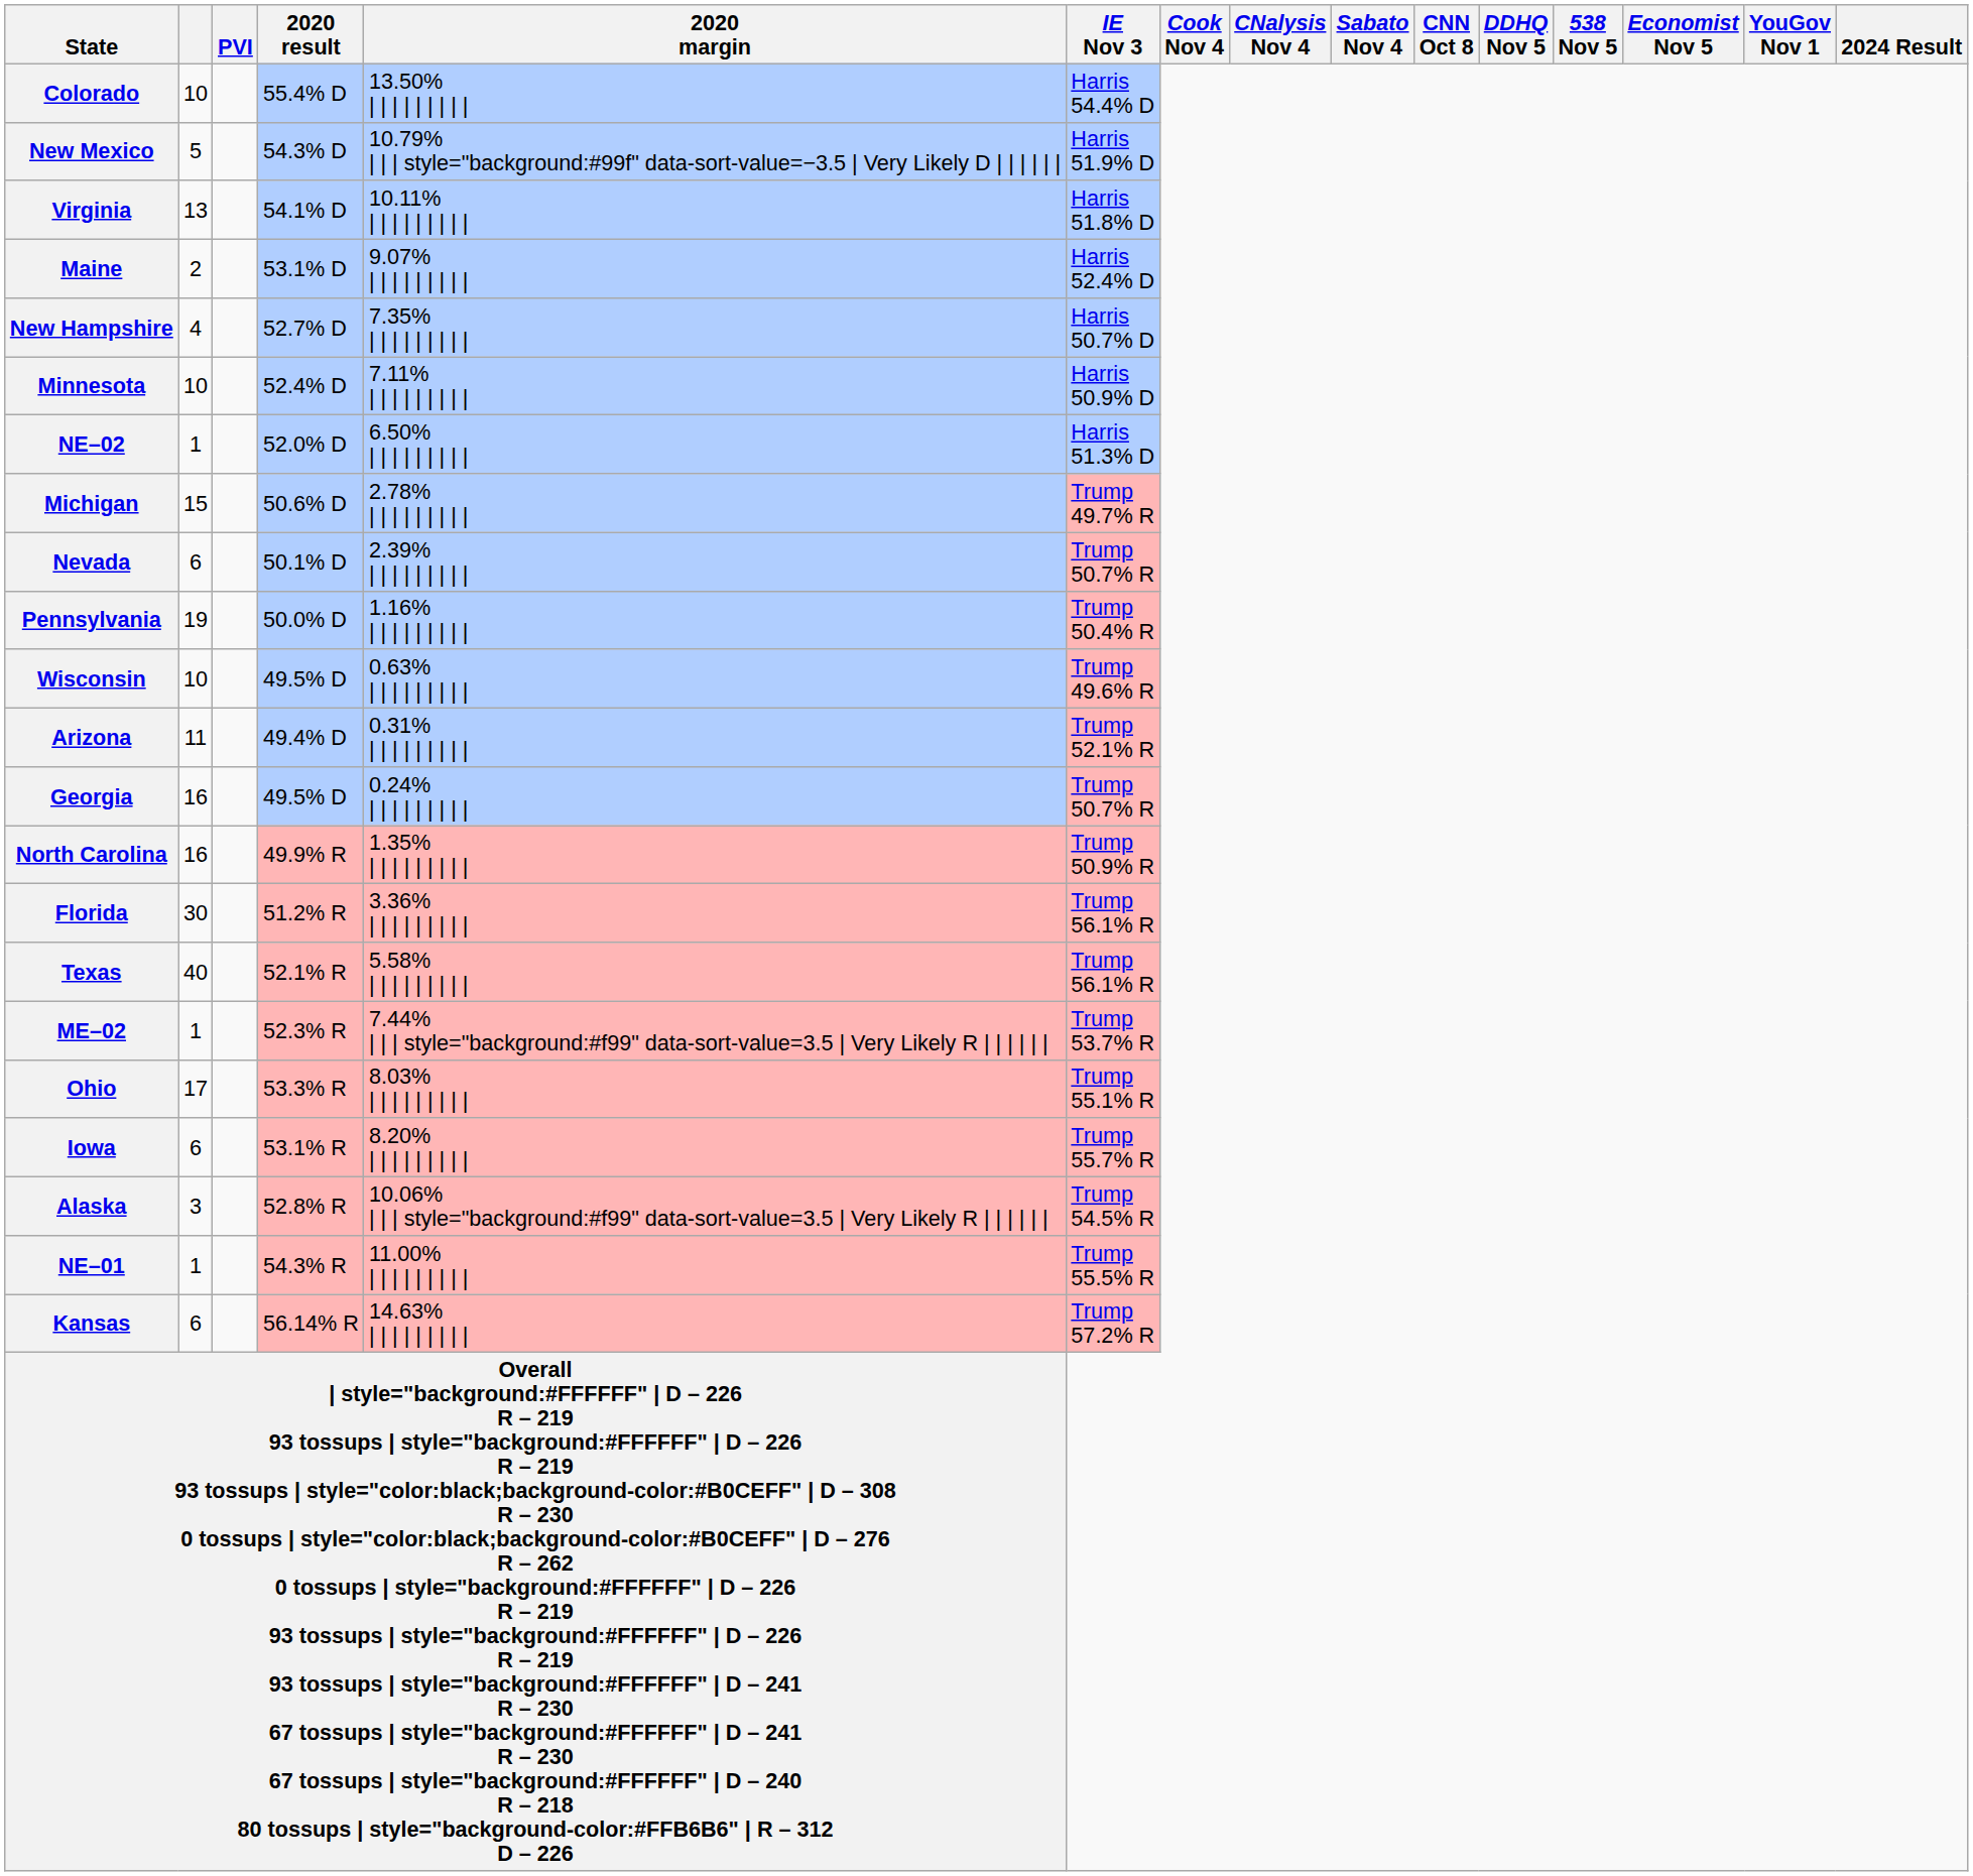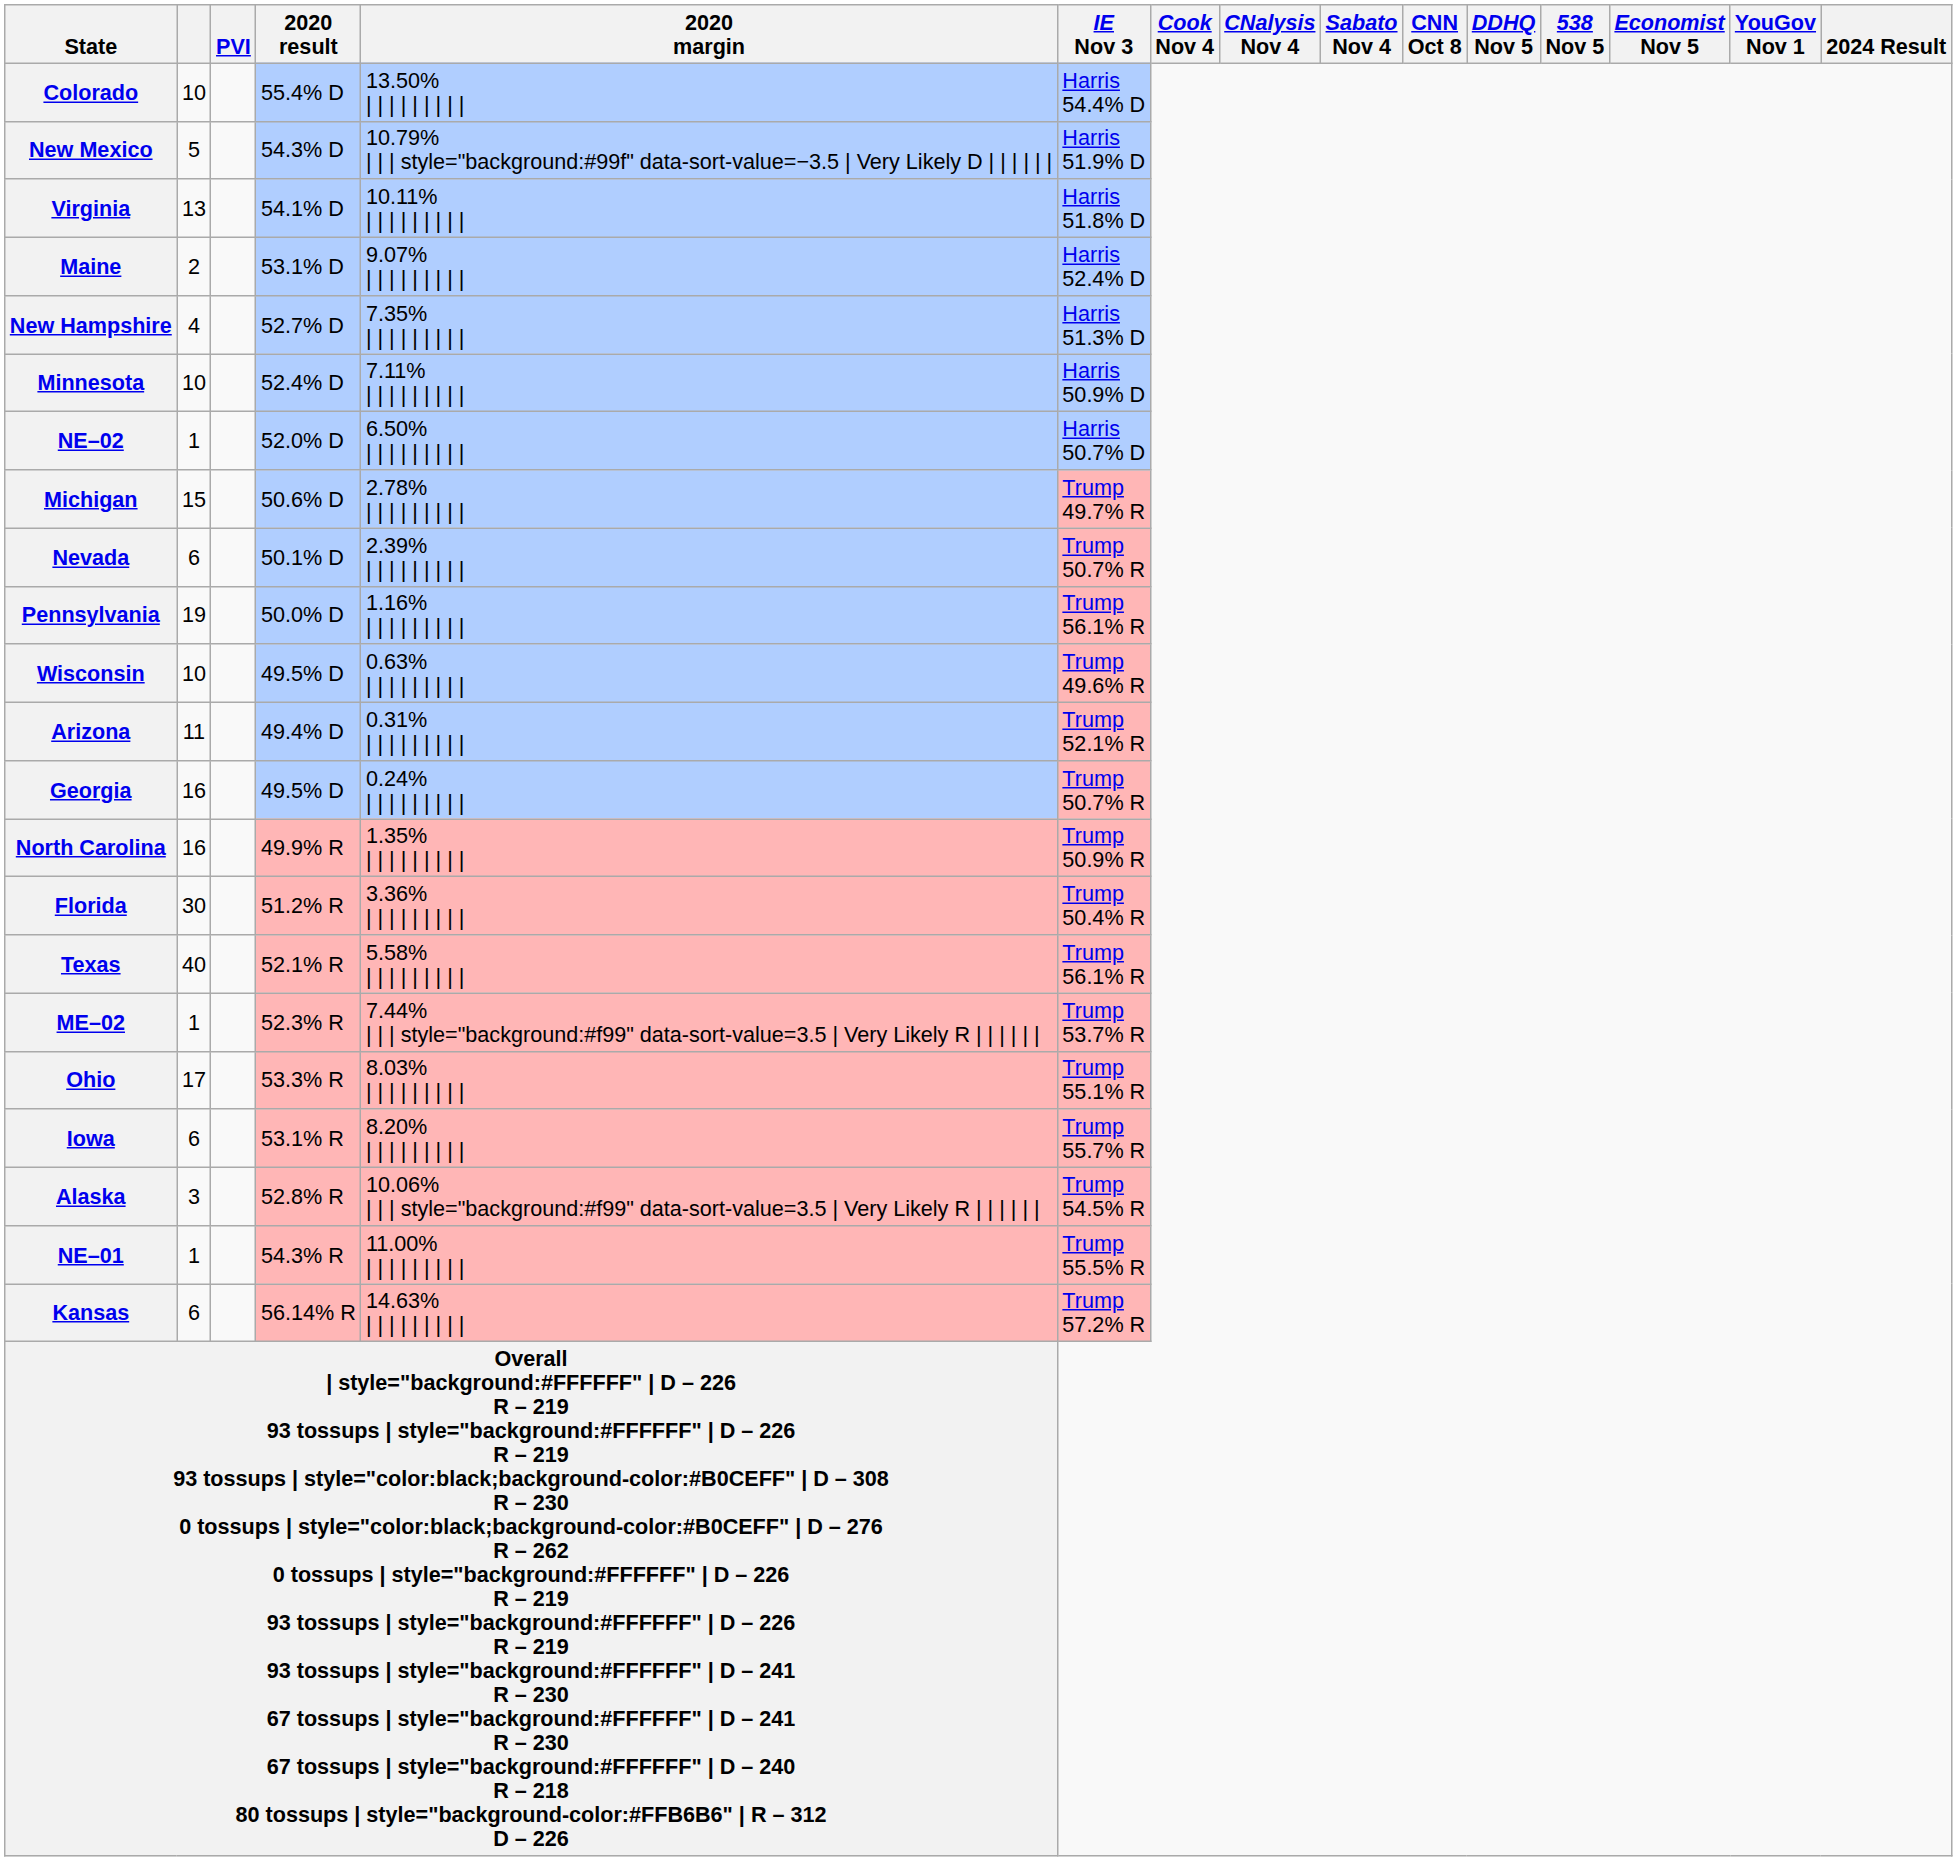 <table class="wikitable sortable sticky-header" style="font-size:90%;">
 <tr style="vertical-align:bottom">
 <th>State</th>
 <th></th>
 <th><a href='#'>PVI</a><br></th>
 <th data-sort-type="number">2020<br>result</th>
 <th data-sort-type="number">2020<br>margin<br></th>
 <th><em><a href='#'>IE</a></em><br><span>Nov 3</span></th>
 <th><em><a href='#'>Cook</a></em><br><span>Nov 4</span></th>
 <th><em><a href='#'>CNalysis</a></em><br><span>Nov 4</span></th>
 <th><em><a href='#'>Sabato</a></em><br><span>Nov 4</span></th>
 <th><a href='#'>CNN</a><br><span>Oct 8</span></th>
 <th><em><a href='#'>DDHQ</a></em><br><span>Nov 5</span></th>
 <th><em><a href='#'>538</a></em><br><span>Nov 5</span></th>
 <th><em><a href='#'>Economist</a></em><br><span>Nov 5</span></th>
 <th><a href='#'>YouGov</a><br><span>Nov 1</span></th>
 <th>2024 Result</th>
 </tr>
 <tr>
 <th><a href='#'>Colorado</a></th>
 <td align=center>10</td>
 <td></td>
 <td style="color:black;background-color:#B0CEFF" data-sort-value="−55.4">55.4% D</td>
 <td style="color:black;background-color:#B0CEFF" data-sort-value="−13.5">13.50%<br>      |      |  |    |       |      |       |   |    | </td>
 <td style="color:black;background-color:#B0CEFF" data-sort-value="−54.4"><a href='#'>Harris</a><br>54.4% D</td>
 </tr>
 <tr>
 <th><a href='#'>New Mexico</a></th>
 <td align=center>5</td>
 <td></td>
 <td style="color:black;background-color:#B0CEFF" data-sort-value="−54.3">54.3% D</td>
 <td style="color:black;background-color:#B0CEFF" data-sort-value="−10.79">10.79%<br>      |      |  | style="background:#99f" data-sort-value=−3.5 | Very Likely D   |       |      |       |   |    | </td>
 <td style="color:black;background-color:#B0CEFF" data-sort-value="−51.9"><a href='#'>Harris</a><br>51.9% D</td>
 </tr>
 <tr>
 <th><a href='#'>Virginia</a></th>
 <td align=center>13</td>
 <td></td>
 <td style="color:black;background-color:#B0CEFF" data-sort-value="−54.1">54.1% D</td>
 <td style="color:black;background-color:#B0CEFF" data-sort-value="−10.11">10.11%<br>      |      |  |    |       |      |       |   |    | </td>
 <td style="color:black;background-color:#B0CEFF" data-sort-value="−51.8"><a href='#'>Harris</a><br>51.8% D</td>
 </tr>
 <tr>
 <th><a href='#'>Maine</a></th>
 <td align=center>2</td>
 <td></td>
 <td style="color:black;background-color:#B0CEFF" data-sort-value="−53.1">53.1% D</td>
 <td style="color:black;background-color:#B0CEFF" data-sort-value="−9.07">9.07%<br>      |      |  |    |       |      |       |   |    | </td>
 <td style="color:black;background-color:#B0CEFF" data-sort-value="−52.4"><a href='#'>Harris</a><br>52.4% D</td>
 </tr>
 <tr>
 <th nowrap><a href='#'>New Hampshire</a></th>
 <td align=center>4</td>
 <td></td>
 <td style="color:black;background-color:#B0CEFF" data-sort-value="−52.7">52.7% D</td>
 <td style="color:black;background-color:#B0CEFF" data-sort-value="−7.35">7.35%<br>      |      |  |    |       |      |       |   |    | </td>
-<td style="color:black;background-color:#B0CEFF" data-sort-value="−50.7"><a href='#'>Harris</a><br>50.7% D</td>
+<td style="color:black;background-color:#B0CEFF" data-sort-value="−51.3"><a href='#'>Harris</a><br>51.3% D</td>
 </tr>
 <tr>
 <th><a href='#'>Minnesota</a></th>
 <td align=center>10</td>
 <td></td>
 <td style="color:black;background-color:#B0CEFF" data-sort-value="−52.4">52.4% D</td>
 <td style="color:black;background-color:#B0CEFF" data-sort-value="−7.11">7.11%<br>      |      |  |    |       |      |       |   |    | </td>
 <td style="color:black;background-color:#B0CEFF" data-sort-value="−50.9"><a href='#'>Harris</a><br>50.9% D</td>
 </tr>
 <tr>
 <th><a href='#'>NE–02</a></th>
 <td align=center>1</td>
 <td></td>
 <td style="color:black;background-color:#B0CEFF" data-sort-value="−52.0"><span>52.0% D</span></td>
 <td style="color:black;background-color:#B0CEFF" data-sort-value="−6.50">6.50%<br>      |      |  |    |       |      |       |   |    | </td>
-<td style="color:black;background-color:#B0CEFF" data-sort-value="−51.3"><a href='#'>Harris</a><br>51.3% D</td>
+<td style="color:black;background-color:#B0CEFF" data-sort-value="−50.7"><a href='#'>Harris</a><br>50.7% D</td>
 </tr>
 <tr>
 <th><a href='#'>Michigan</a></th>
 <td align=center>15</td>
 <td></td>
 <td style="color:black;background-color:#B0CEFF" data-sort-value="−50.6">50.6% D</td>
 <td style="color:black;background-color:#B0CEFF" data-sort-value="−2.78">2.78%<br>      |      |  |    |       |      |       |   |    | </td>
 <td style="background-color:#FFB6B6" data-sort-value="49.7"><a href='#'>Trump</a><br>49.7% R </td>
 </tr>
 <tr>
 <th><a href='#'>Nevada</a></th>
 <td align=center>6</td>
 <td></td>
 <td style="color:black;background-color:#B0CEFF" data-sort-value="−50.1">50.1% D</td>
 <td style="color:black;background-color:#B0CEFF" data-sort-value="−2.39">2.39%<br>      |      |  |    |       |      |       |   |    | </td>
 <td style="background-color:#FFB6B6" data-sort-value="50.7"><a href='#'>Trump</a><br>50.7% R </td>
 </tr>
 <tr>
 <th><a href='#'>Pennsylvania</a></th>
 <td align=center>19</td>
 <td></td>
 <td style="color:black;background-color:#B0CEFF" data-sort-value="−50.0">50.0% D</td>
 <td style="color:black;background-color:#B0CEFF" data-sort-value="−1.16">1.16%<br>      |      |  |    |       |      |       |   |    | </td>
-<td style="background-color:#FFB6B6" data-sort-value="50.4"><a href='#'>Trump</a><br>50.4% R </td>
+<td style="background-color:#FFB6B6" data-sort-value="56.1"><a href='#'>Trump</a><br>56.1% R</td>
 </tr>
 <tr>
 <th><a href='#'>Wisconsin</a></th>
 <td align=center>10</td>
 <td></td>
 <td style="color:black;background-color:#B0CEFF" data-sort-value="−49.5">49.5% D</td>
 <td style="color:black;background-color:#B0CEFF" data-sort-value="−0.63">0.63%<br>      |      |  |    |       |      |       |   |    | </td>
 <td style="background-color:#FFB6B6" data-sort-value="49.6"><a href='#'>Trump</a><br>49.6% R </td>
 </tr>
 <tr>
 <th><a href='#'>Arizona</a></th>
 <td align=center>11</td>
 <td></td>
 <td style="color:black;background-color:#B0CEFF" data-sort-value="−49.4">49.4% D</td>
 <td style="color:black;background-color:#B0CEFF" data-sort-value="−0.31">0.31%<br>      |      |  |    |       |      |       |   |    | </td>
 <td style="background-color:#FFB6B6" data-sort-value="52.1"><a href='#'>Trump</a><br>52.1% R </td>
 </tr>
 <tr>
 <th><a href='#'>Georgia</a></th>
 <td align=center>16</td>
 <td></td>
 <td style="color:black;background-color:#B0CEFF" data-sort-value="−49.5">49.5% D</td>
 <td style="color:black;background-color:#B0CEFF" data-sort-value="−0.24">0.24%<br>      |      |  |    |       |      |       |   |    | </td>
 <td style="background-color:#FFB6B6" data-sort-value="50.7"><a href='#'>Trump</a><br>50.7% R </td>
 </tr>
 <tr>
 <th><a href='#'>North Carolina</a></th>
 <td align=center>16</td>
 <td></td>
 <td style="background-color:#FFB6B6" data-sort-value="49.9">49.9% R</td>
 <td style="background-color:#FFB6B6" data-sort-value="1.35%">1.35%<br>      |      |  |    |       |      |       |   |    | </td>
 <td style="background-color:#FFB6B6" data-sort-value="50.9"><a href='#'>Trump</a><br>50.9% R</td>
 </tr>
 <tr>
 <th><a href='#'>Florida</a></th>
 <td align=center>30</td>
 <td></td>
 <td style="background-color:#FFB6B6" data-sort-value="51.2">51.2% R</td>
 <td style="background-color:#FFB6B6" data-sort-value="3.36">3.36%<br>      |      |  |    |       |      |       |   |    | </td>
-<td style="background-color:#FFB6B6" data-sort-value="56.1"><a href='#'>Trump</a><br>56.1% R</td>
+<td style="background-color:#FFB6B6" data-sort-value="50.4"><a href='#'>Trump</a><br>50.4% R </td>
 </tr>
 <tr>
 <th><a href='#'>Texas</a></th>
 <td align=center>40</td>
 <td></td>
 <td style="background-color:#FFB6B6" data-sort-value="52.1">52.1% R</td>
 <td style="background-color:#FFB6B6" data-sort-value="5.58">5.58%<br>      |      |  |    |       |      |       |   |    | </td>
 <td style="background-color:#FFB6B6" data-sort-value="56.1"><a href='#'>Trump</a><br>56.1% R</td>
 </tr>
 <tr>
 <th><a href='#'>ME–02</a></th>
 <td align=center>1</td>
 <td></td>
 <td style="background-color:#FFB6B6" data-sort-value="52.3">52.3% R</td>
 <td style="background-color:#FFB6B6" data-sort-value="7.44">7.44%<br>      |      |  | style="background:#f99" data-sort-value=3.5 | Very Likely R   |       |      |       |   |    | </td>
 <td style="background-color:#FFB6B6" data-sort-value="53.7"><a href='#'>Trump</a><br>53.7% R</td>
 </tr>
 <tr>
 <th><a href='#'>Ohio</a></th>
 <td align=center>17</td>
 <td></td>
 <td style="background-color:#FFB6B6" data-sort-value="53.3">53.3% R</td>
 <td style="background-color:#FFB6B6" data-sort-value="8.03">8.03%<br>      |      |  |    |       |      |       |   |    | </td>
 <td style="background-color:#FFB6B6" data-sort-value="55.1"><a href='#'>Trump</a><br>55.1% R</td>
 </tr>
 <tr>
 <th><a href='#'>Iowa</a></th>
 <td align=center>6</td>
 <td></td>
 <td style="background-color:#FFB6B6" data-sort-value="53.1">53.1% R</td>
 <td style="background-color:#FFB6B6" data-sort-value="8.20">8.20%<br>      |      |  |    |       |      |       |   |    | </td>
 <td style="background-color:#FFB6B6" data-sort-value="55.7"><a href='#'>Trump</a><br>55.7% R</td>
 </tr>
 <tr>
 <th><a href='#'>Alaska</a></th>
 <td align=center>3</td>
 <td></td>
 <td style="background-color:#FFB6B6" data-sort-value="52.8">52.8% R</td>
 <td style="background-color:#FFB6B6" data-sort-value="10.06">10.06%<br>      |      |  | style="background:#f99" data-sort-value=3.5 | Very Likely R   |       |      |       |   |    |</td>
 <td style="background-color:#FFB6B6" data-sort-value="54.5"><a href='#'>Trump</a><br>54.5% R</td>
 </tr>
 <tr>
 <th><a href='#'>NE–01</a></th>
 <td align=center>1</td>
 <td></td>
 <td style="background-color:#FFB6B6" data-sort-value="54.3"><span>54.3% R</span></td>
 <td style="background-color:#FFB6B6" data-sort-value="11.00">11.00%<br>      |      |  |    |       |      |       |   |    | </td>
 <td style="background-color:#FFB6B6" data-sort-value="55.5"><a href='#'>Trump</a><br>55.5% R</td>
 </tr>
 <tr>
 <th><a href='#'>Kansas</a></th>
 <td align=center>6</td>
 <td></td>
 <td style="background-color:#FFB6B6" data-sort-value="55.4">56.14% R</td>
 <td style="background-color:#FFB6B6" data-sort-value="13.5">14.63%<br>      |      |  |    |       |      |       |   |    | </td>
 <td style="background-color:#FFB6B6" data-sort-value="57.2"><a href='#'>Trump</a><br>57.2% R</td>
 </tr>
 <tr class="sortbottom">
 <th colspan=5>Overall<br>      | style="background:#FFFFFF" | D – 226<br>R – 219<br>93 tossups     | style="background:#FFFFFF" | D – 226<br>R – 219<br>93 tossups | style="color:black;background-color:#B0CEFF" | D – 308<br>R – 230<br>0 tossups   | style="color:black;background-color:#B0CEFF" | D – 276<br>R – 262<br>0 tossups      | style="background:#FFFFFF" | D – 226<br>R – 219<br>93 tossups     | style="background:#FFFFFF" | D – 226<br>R – 219<br>93 tossups      | style="background:#FFFFFF" | D – 241<br>R – 230<br>67 tossups  | style="background:#FFFFFF" | D – 241<br>R – 230<br>67 tossups   | style="background:#FFFFFF" | D – 240<br>R – 218<br>80 tossups  | style="background-color:#FFB6B6" | R – 312<br>D – 226</th>
 </tr>
 </table>
